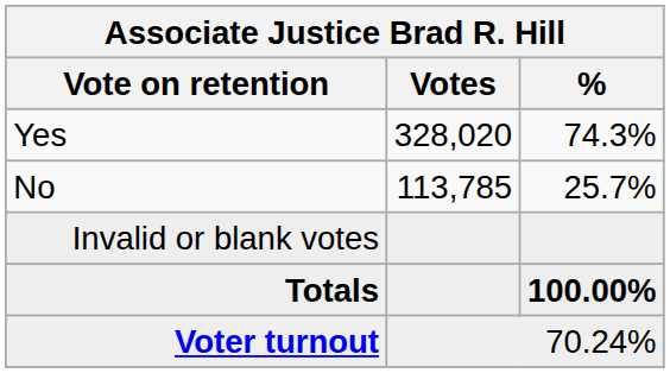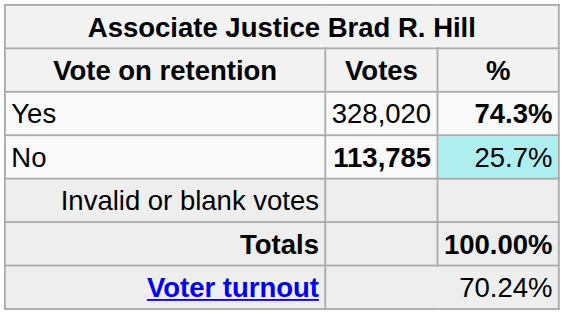 <table class="wikitable" style="font-size: 95%;">
 <tr style="background-color:#E9E9E9">
 <th colspan=7>Associate Justice Brad R. Hill</th>
 </tr>
 <tr style="background-color:#E9E9E9">
 <th style="width: 170px">Vote on retention</th>
 <th style="width: 50px">Votes</th>
 <th style="width: 40px">%</th>
 </tr>
 <tr>
 <td>Yes</td>
 <td align="right">328,020</td>
-<td align="right">74.3%</td>
+<td align="right"><strong>74.3%</strong></td>
 </tr>
 <tr>
 <td>No</td>
-<td align="right">113,785</td>
-<td align="right">25.7%</td>
+<td align="right"><strong>113,785</strong></td>
+<td align="right" style="background: paleturquoise;">25.7%</td>
 </tr>
 <tr bgcolor="#EEEEEE">
 <td align="right">Invalid or blank votes</td>
 <td align="right"></td>
 <td align="right"></td>
 </tr>
 <tr bgcolor="#EEEEEE">
 <td align="right"><strong>Totals</strong></td>
 <td align="right"><strong></strong></td>
 <td align="right"><strong>100.00%</strong></td>
 </tr>
 <tr bgcolor="#EEEEEE">
 <td align="right"><strong><a href='#'>Voter turnout</a></strong></td>
 <td colspan="2" align="right">70.24%</td>
 </tr>
 </table>
